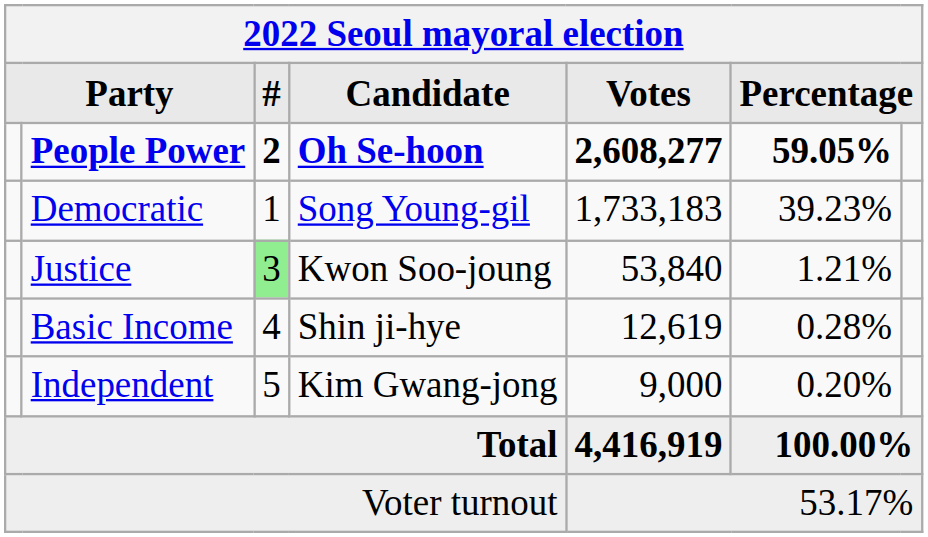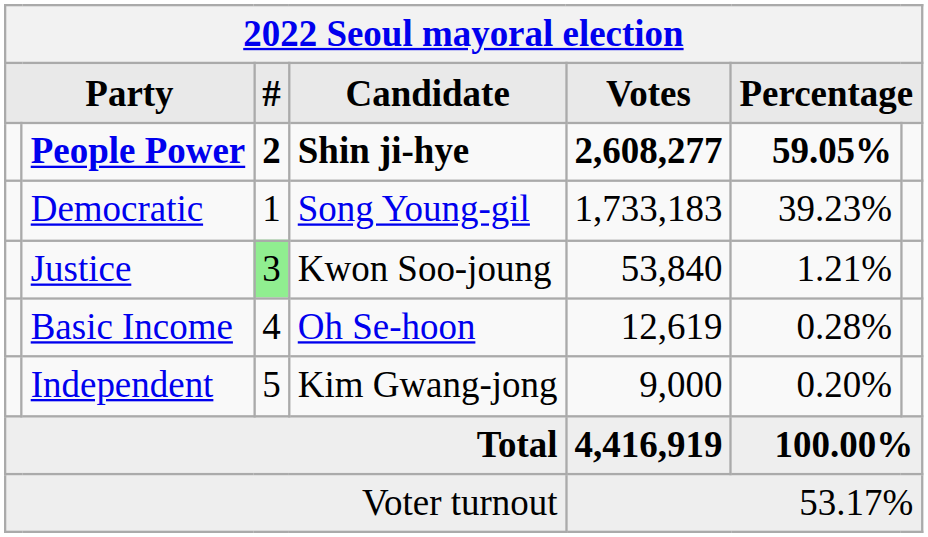 <table class="wikitable">
 <tr>
 <th colspan="7"><a href='#'>2022 Seoul mayoral election</a></th>
 </tr>
 <tr>
 <th style="background-color:#E9E9E9" colspan=2>Party</th>
 <th style="background-color:#E9E9E9">#</th>
 <th style="background-color:#E9E9E9">Candidate</th>
 <th style="background-color:#E9E9E9">Votes</th>
 <th style="background-color:#E9E9E9" colspan=2>Percentage</th>
 </tr>
 <tr style="font-weight:bold">
 <td></td>
 <td align=left><a href='#'>People Power</a></td>
 <td align=center>2</td>
-<td align=left><a href='#'>Oh Se-hoon</a></td>
+<td align=left>Shin ji-hye</td>
 <td align=right>2,608,277</td>
 <td align=right>59.05%</td>
 <td align=right></td>
 </tr>
 <tr>
 <td></td>
 <td align=left><a href='#'>Democratic</a></td>
 <td align=center>1</td>
 <td align=left><a href='#'>Song Young-gil</a></td>
 <td align=right>1,733,183</td>
 <td align=right>39.23%</td>
 <td align=right></td>
 </tr>
 <tr>
 <td></td>
 <td align=left><a href='#'>Justice</a></td>
 <td align=center style="background: lightgreen;">3</td>
 <td align=left>Kwon Soo-joung</td>
 <td align=right>53,840</td>
 <td align=right>1.21%</td>
 <td align=right></td>
 </tr>
 <tr>
 <td></td>
 <td align=left><a href='#'>Basic Income</a></td>
 <td align=center>4</td>
-<td align=left>Shin ji-hye</td>
+<td align=left><a href='#'>Oh Se-hoon</a></td>
 <td align=right>12,619</td>
 <td align=right>0.28%</td>
 <td align=right></td>
 </tr>
 <tr>
 <td></td>
 <td align=left><a href='#'>Independent</a></td>
 <td align=center>5</td>
 <td align=left>Kim Gwang-jong</td>
 <td align=right>9,000</td>
 <td align=right>0.20%</td>
 <td align=right></td>
 </tr>
 <tr bgcolor="#EEEEEE" style="font-weight:bold">
 <td colspan="4" align=right>Total</td>
 <td align=right>4,416,919</td>
 <td align=right colspan=2>100.00%</td>
 </tr>
 <tr bgcolor="#EEEEEE">
 <td colspan="4" align="right">Voter turnout</td>
 <td colspan="3" align="right">53.17%</td>
 </tr>
 </table>
